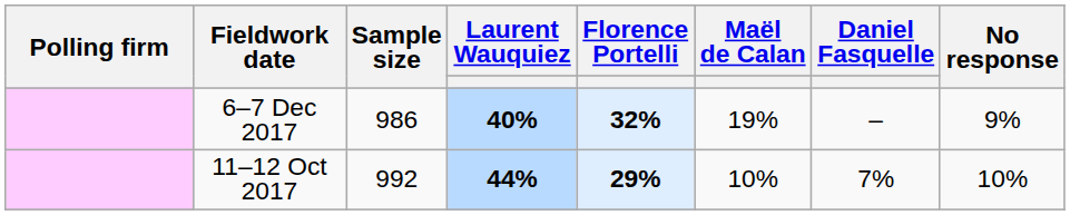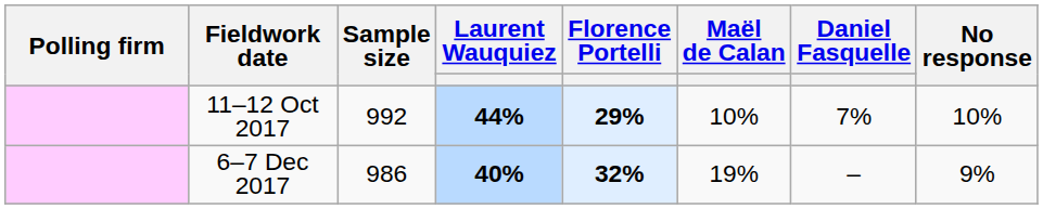 <table class="wikitable sortable" style="text-align:center;font-size:90%;line-height:14px;">
 <tr style="height:40px;">
 <th style="width:100px;" rowspan="2">Polling firm</th>
 <th style="width:80px;" rowspan="2">Fieldwork date</th>
 <th style="width:35px;" rowspan="2">Sample<br>size</th>
 <th class="unsortable" style="width:60px;"><a href='#'>Laurent Wauquiez</a></th>
 <th class="unsortable" style="width:60px;"><a href='#'>Florence Portelli</a></th>
 <th class="unsortable" style="width:60px;"><a href='#'>Maël<br>de Calan</a></th>
 <th class="unsortable" style="width:60px;"><a href='#'>Daniel Fasquelle</a></th>
 <th class="unsortable" style="width:60px;" rowspan="2">No response</th>
 </tr>
 <tr>
 <th style="background:"></th>
 <th style="background:"></th>
 <th style="background:"></th>
 <th style="background:"></th>
 </tr>
 <tr>
 <td style="background:#FFCCFF;"></td>
+<td data-sort-value="2017-10-12">11–12 Oct 2017</td>
+<td>992</td>
+<td style="background:#B9DAFF;"><strong>44%</strong></td>
+<td style="background:#DFEEFF;"><strong>29%</strong></td>
+<td>10%</td>
+<td>7%</td>
+<td>10%</td>
+</tr>
+<tr>
+<td style="background:#FFCCFF;"></td>
 <td data-sort-value="2017-12-07">6–7 Dec 2017</td>
 <td>986</td>
 <td style="background:#B9DAFF;"><strong>40%</strong></td>
 <td style="background:#DFEEFF;"><strong>32%</strong></td>
 <td>19%</td>
 <td>–</td>
 <td>9%</td>
 </tr>
-<tr>
-<td style="background:#FFCCFF;"></td>
-<td data-sort-value="2017-10-12">11–12 Oct 2017</td>
-<td>992</td>
-<td style="background:#B9DAFF;"><strong>44%</strong></td>
-<td style="background:#DFEEFF;"><strong>29%</strong></td>
-<td>10%</td>
-<td>7%</td>
-<td>10%</td>
-</tr>
 </table>
